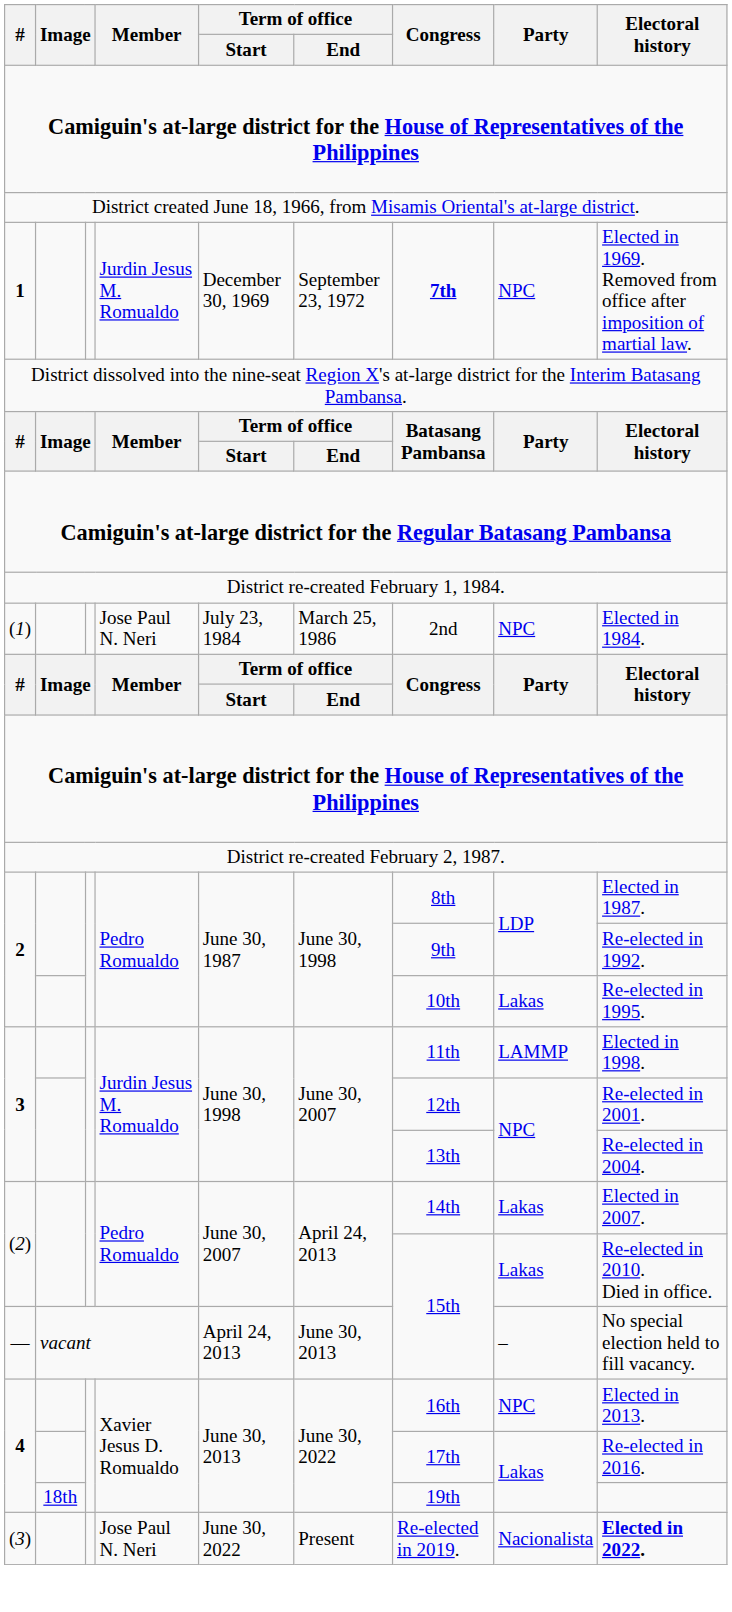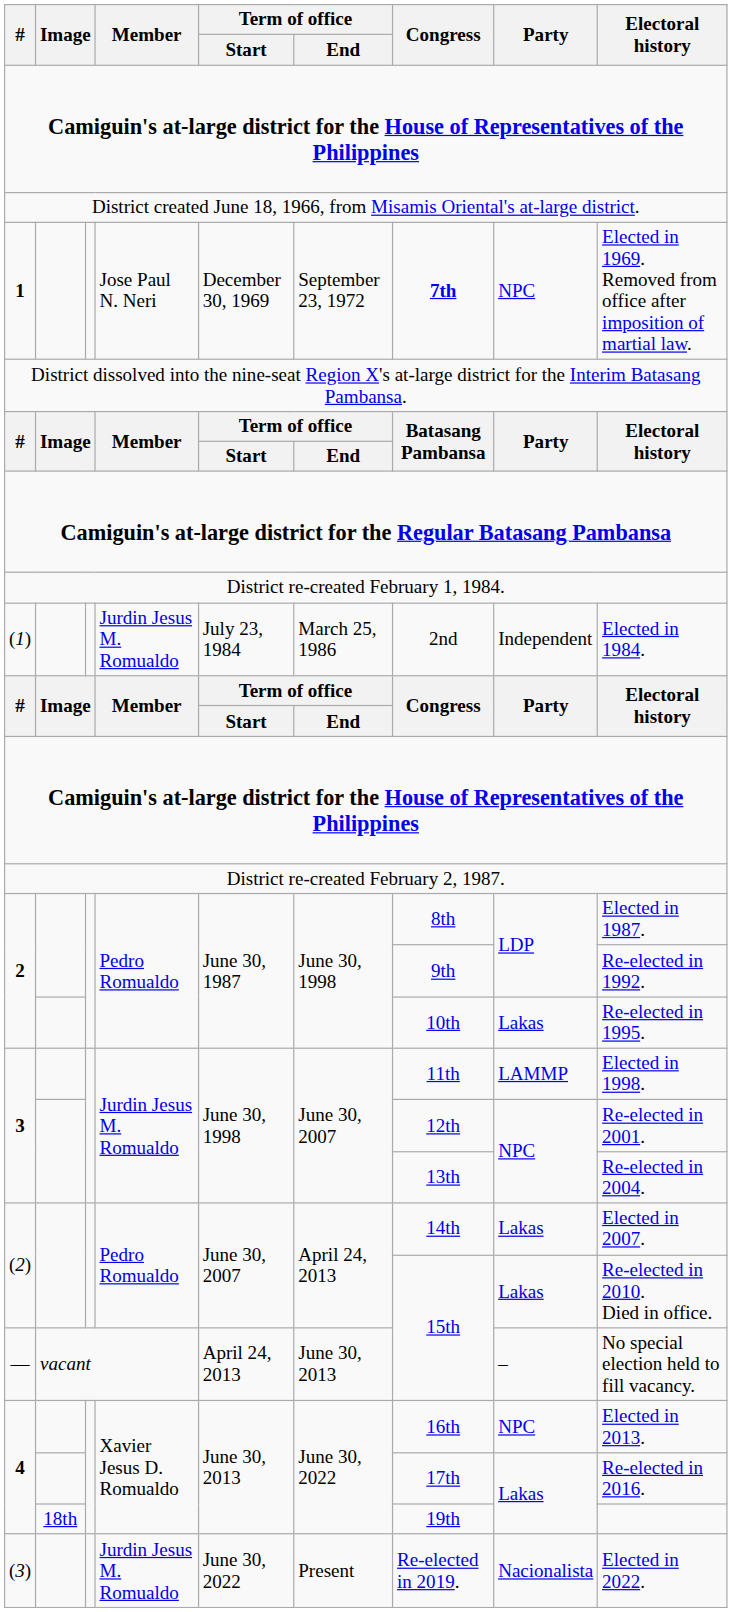 <table class=wikitable>
 <tr>
 <th rowspan="2">#</th>
 <th rowspan="2" colspan=2>Image</th>
 <th rowspan="2">Member</th>
 <th colspan=2>Term of office</th>
 <th rowspan="2">Congress</th>
 <th rowspan="2">Party</th>
 <th rowspan="2">Electoral history</th>
 </tr>
 <tr>
 <th>Start</th>
 <th>End</th>
 </tr>
 <tr>
 <td colspan="9" style="text-align:center;"><br><h3>Camiguin's at-large district for the <a href='#'>House of Representatives of the Philippines</a></h3></td>
 </tr>
 <tr>
 <td colspan="9" style="text-align:center;">District created June 18, 1966, from <a href='#'>Misamis Oriental's at-large district</a>.</td>
 </tr>
 <tr>
 <td style="text-align:center;"><strong>1</strong></td>
 <td style="color:inherit;background:"></td>
 <td></td>
-<td><a href='#'>Jurdin Jesus M. Romualdo</a></td>
+<td>Jose Paul N. Neri</td>
 <td>December 30, 1969</td>
 <td>September 23, 1972</td>
 <td style="text-align:center;"><strong><a href='#'>7th</a></strong></td>
 <td><a href='#'>NPC</a></td>
 <td><a href='#'>Elected in 1969</a>.<br>Removed from office after <a href='#'>imposition of martial law</a>.</td>
 </tr>
 <tr>
 <td colspan="9" style="text-align:center;">District dissolved into the nine-seat <a href='#'>Region X</a>'s at-large district for the <a href='#'>Interim Batasang Pambansa</a>.</td>
 </tr>
 <tr>
 <th rowspan="2">#</th>
 <th rowspan="2" colspan=2>Image</th>
 <th rowspan="2">Member</th>
 <th colspan=2>Term of office</th>
 <th rowspan="2">Batasang<br>Pambansa</th>
 <th rowspan="2">Party</th>
 <th rowspan="2">Electoral history</th>
 </tr>
 <tr>
 <th>Start</th>
 <th>End</th>
 </tr>
 <tr>
 <td colspan="9" style="text-align:center;"><br><h3>Camiguin's at-large district for the <a href='#'>Regular Batasang Pambansa</a></h3></td>
 </tr>
 <tr>
 <td colspan="9" style="text-align:center;">District re-created February 1, 1984.</td>
 </tr>
 <tr>
 <td style="text-align:center;">(<em>1</em>)</td>
 <td style="color:inherit;background:"></td>
 <td></td>
-<td>Jose Paul N. Neri</td>
+<td><a href='#'>Jurdin Jesus M. Romualdo</a></td>
 <td>July 23, 1984</td>
 <td>March 25, 1986</td>
 <td style="text-align:center;">2nd</td>
-<td><a href='#'>NPC</a></td>
+<td>Independent</td>
 <td><a href='#'>Elected in 1984</a>.</td>
 </tr>
 <tr>
 <th rowspan="2">#</th>
 <th rowspan="2" colspan=2>Image</th>
 <th rowspan="2">Member</th>
 <th colspan=2>Term of office</th>
 <th rowspan="2">Congress</th>
 <th rowspan="2">Party</th>
 <th rowspan="2">Electoral history</th>
 </tr>
 <tr>
 <th>Start</th>
 <th>End</th>
 </tr>
 <tr>
 <td colspan="9" style="text-align:center;"><br><h3>Camiguin's at-large district for the <a href='#'>House of Representatives of the Philippines</a></h3></td>
 </tr>
 <tr>
 <td colspan="9" style="text-align:center;">District re-created February 2, 1987.</td>
 </tr>
 <tr>
 <td rowspan="3" style="text-align:center;"><strong>2</strong></td>
 <td rowspan="2" style="color:inherit;background:"></td>
 <td rowspan="3"></td>
 <td rowspan="3"><a href='#'>Pedro Romualdo</a></td>
 <td rowspan="3">June 30, 1987</td>
 <td rowspan="3">June 30, 1998</td>
 <td style="text-align:center;"><a href='#'>8th</a></td>
 <td rowspan="2"><a href='#'>LDP</a></td>
 <td><a href='#'>Elected in 1987</a>.</td>
 </tr>
 <tr>
 <td style="text-align:center;"><a href='#'>9th</a></td>
 <td><a href='#'>Re-elected in 1992</a>.</td>
 </tr>
 <tr>
 <td style="color:inherit;background:"></td>
 <td style="text-align:center;"><a href='#'>10th</a></td>
 <td><a href='#'>Lakas</a></td>
 <td><a href='#'>Re-elected in 1995</a>.</td>
 </tr>
 <tr>
 <td rowspan="3" style="text-align:center;"><strong>3</strong></td>
 <td style="color:inherit;background:"></td>
 <td rowspan="3"></td>
 <td rowspan="3"><a href='#'>Jurdin Jesus M. Romualdo</a></td>
 <td rowspan="3">June 30, 1998</td>
 <td rowspan="3">June 30, 2007</td>
 <td style="text-align:center;"><a href='#'>11th</a></td>
 <td><a href='#'>LAMMP</a></td>
 <td><a href='#'>Elected in 1998</a>.</td>
 </tr>
 <tr>
 <td rowspan="2" style="color:inherit;background:"></td>
 <td style="text-align:center;"><a href='#'>12th</a></td>
 <td rowspan="2"><a href='#'>NPC</a></td>
 <td><a href='#'>Re-elected in 2001</a>.</td>
 </tr>
 <tr>
 <td style="text-align:center;"><a href='#'>13th</a></td>
 <td><a href='#'>Re-elected in 2004</a>.</td>
 </tr>
 <tr>
 <td rowspan="2" style="text-align:center;">(<em>2</em>)</td>
 <td rowspan="2" style="color:inherit;background:"></td>
 <td rowspan="2"></td>
 <td rowspan="2"><a href='#'>Pedro Romualdo</a></td>
 <td rowspan="2">June 30, 2007</td>
 <td rowspan="2">April 24, 2013</td>
 <td style="text-align:center;"><a href='#'>14th</a></td>
 <td><a href='#'>Lakas</a></td>
 <td><a href='#'>Elected in 2007</a>.</td>
 </tr>
 <tr>
 <td rowspan="2" style="text-align:center;"><a href='#'>15th</a></td>
 <td><a href='#'>Lakas</a></td>
 <td><a href='#'>Re-elected in 2010</a>.<br>Died in office.</td>
 </tr>
 <tr>
 <td style="text-align:center;">—</td>
 <td colspan="3"><em>vacant</em></td>
 <td>April 24, 2013</td>
 <td>June 30, 2013</td>
 <td>–</td>
 <td>No special election held to fill vacancy.</td>
 </tr>
 <tr>
 <td rowspan="3" style="text-align:center;"><strong>4</strong></td>
 <td style="color:inherit;background:"></td>
 <td rowspan="3"></td>
 <td rowspan="3">Xavier Jesus D. Romualdo</td>
 <td rowspan="3">June 30, 2013</td>
 <td rowspan="3">June 30, 2022</td>
 <td style="text-align:center;"><a href='#'>16th</a></td>
 <td><a href='#'>NPC</a></td>
 <td><a href='#'>Elected in 2013</a>.</td>
 </tr>
 <tr>
 <td style="background:"></td>
 <td style="text-align:center;"><a href='#'>17th</a></td>
 <td rowspan="2"><a href='#'>Lakas</a></td>
 <td><a href='#'>Re-elected in 2016</a>.</td>
 </tr>
 <tr>
 <td style="text-align:center;"><a href='#'>18th</a></td>
 <td style="text-align:center;"><a href='#'>19th</a></td>
 </tr>
 <tr>
 <td style="text-align:center;">(<em>3</em>)</td>
 <td style="color:inherit;background:"></td>
 <td></td>
-<td>Jose Paul N. Neri</td>
+<td><a href='#'>Jurdin Jesus M. Romualdo</a></td>
 <td>June 30, 2022</td>
 <td>Present</td>
 <td><a href='#'>Re-elected in 2019</a>.</td>
 <td><a href='#'>Nacionalista</a></td>
-<td><strong><a href='#'>Elected in 2022</a>.</strong></td>
+<td><a href='#'>Elected in 2022</a>.</td>
 </tr>
 </table>
